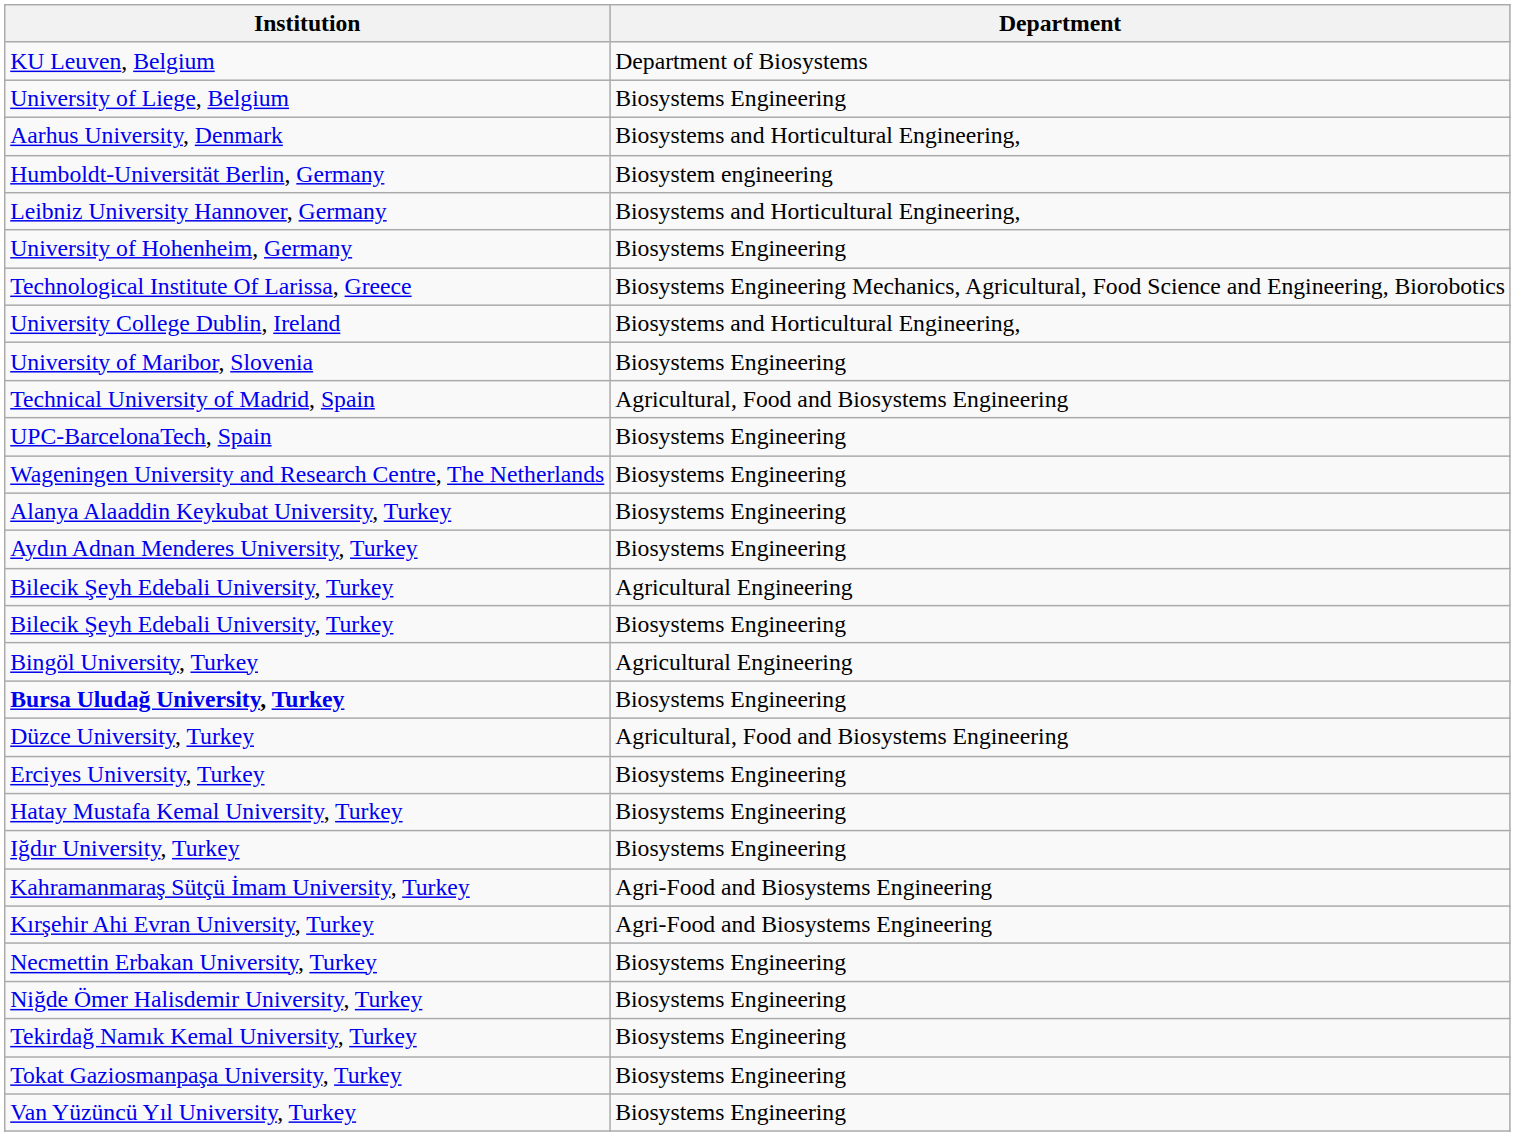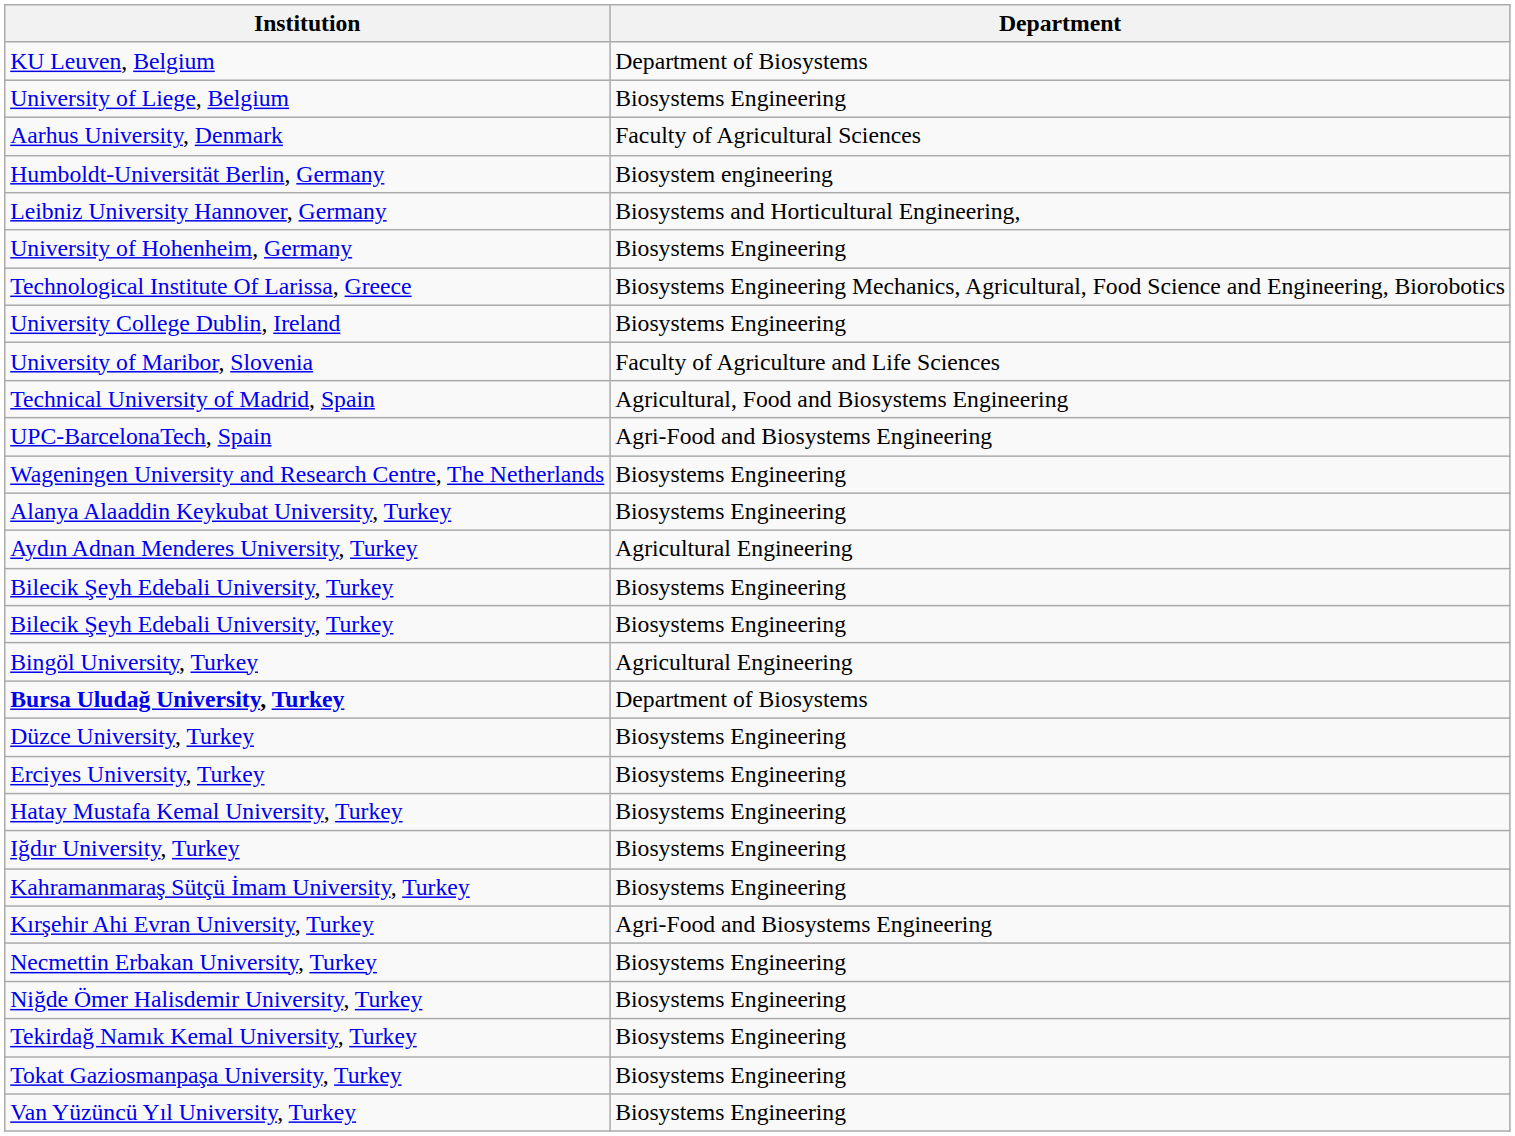 <table class="wikitable sortable">
 <tr>
 <th>Institution</th>
 <th>Department</th>
 </tr>
 <tr>
 <td><a href='#'>KU Leuven</a>, <a href='#'>Belgium</a></td>
 <td>Department of Biosystems</td>
 </tr>
 <tr>
 <td><a href='#'>University of Liege</a>, <a href='#'>Belgium</a></td>
 <td>Biosystems Engineering</td>
 </tr>
 <tr>
 <td><a href='#'>Aarhus University</a>, <a href='#'>Denmark</a></td>
-<td>Biosystems and Horticultural Engineering,</td>
+<td>Faculty of Agricultural Sciences</td>
 </tr>
 <tr>
 <td><a href='#'>Humboldt-Universität Berlin</a>, <a href='#'>Germany</a></td>
 <td>Biosystem engineering</td>
 </tr>
 <tr>
 <td><a href='#'>Leibniz University Hannover</a>, <a href='#'>Germany</a></td>
 <td>Biosystems and Horticultural Engineering,</td>
 </tr>
 <tr>
 <td><a href='#'>University of Hohenheim</a>, <a href='#'>Germany</a></td>
 <td>Biosystems Engineering</td>
 </tr>
 <tr>
 <td><a href='#'>Technological Institute Of Larissa</a>, <a href='#'>Greece</a></td>
 <td>Biosystems Engineering Mechanics, Agricultural, Food Science and Engineering, Biorobotics</td>
 </tr>
 <tr>
 <td><a href='#'>University College Dublin</a>, <a href='#'>Ireland</a></td>
-<td>Biosystems and Horticultural Engineering,</td>
+<td>Biosystems Engineering</td>
 </tr>
 <tr>
 <td><a href='#'>University of Maribor</a>, <a href='#'>Slovenia</a></td>
-<td>Biosystems Engineering</td>
+<td>Faculty of Agriculture and Life Sciences</td>
 </tr>
 <tr>
 <td><a href='#'>Technical University of Madrid</a>, <a href='#'>Spain</a></td>
 <td>Agricultural, Food and Biosystems Engineering</td>
 </tr>
 <tr>
 <td><a href='#'>UPC-BarcelonaTech</a>, <a href='#'>Spain</a></td>
-<td>Biosystems Engineering</td>
+<td>Agri-Food and Biosystems Engineering</td>
 </tr>
 <tr>
 <td><a href='#'>Wageningen University and Research Centre</a>, <a href='#'>The Netherlands</a></td>
 <td>Biosystems Engineering</td>
 </tr>
 <tr>
 <td><a href='#'>Alanya Alaaddin Keykubat University</a>, <a href='#'>Turkey</a></td>
 <td>Biosystems Engineering</td>
 </tr>
 <tr>
 <td><a href='#'>Aydın Adnan Menderes University</a>, <a href='#'>Turkey</a></td>
-<td>Biosystems Engineering</td>
+<td>Agricultural Engineering</td>
 </tr>
 <tr>
 <td><a href='#'>Bilecik Şeyh Edebali University</a>, <a href='#'>Turkey</a></td>
-<td>Agricultural Engineering</td>
+<td>Biosystems Engineering</td>
 </tr>
 <tr>
 <td><a href='#'>Bilecik Şeyh Edebali University</a>, <a href='#'>Turkey</a></td>
 <td>Biosystems Engineering</td>
 </tr>
 <tr>
 <td><a href='#'>Bingöl University</a>, <a href='#'>Turkey</a></td>
 <td>Agricultural Engineering</td>
 </tr>
 <tr>
 <td><strong><a href='#'>Bursa Uludağ University</a>, <a href='#'>Turkey</a></strong></td>
-<td>Biosystems Engineering</td>
+<td>Department of Biosystems</td>
 </tr>
 <tr>
 <td><a href='#'>Düzce University</a>, <a href='#'>Turkey</a></td>
-<td>Agricultural, Food and Biosystems Engineering</td>
+<td>Biosystems Engineering</td>
 </tr>
 <tr>
 <td><a href='#'>Erciyes University</a>, <a href='#'>Turkey</a></td>
 <td>Biosystems Engineering</td>
 </tr>
 <tr>
 <td><a href='#'>Hatay Mustafa Kemal University</a>, <a href='#'>Turkey</a></td>
 <td>Biosystems Engineering</td>
 </tr>
 <tr>
 <td><a href='#'>Iğdır University</a>, <a href='#'>Turkey</a></td>
 <td>Biosystems Engineering</td>
 </tr>
 <tr>
 <td><a href='#'>Kahramanmaraş Sütçü İmam University</a>, <a href='#'>Turkey</a></td>
-<td>Agri-Food and Biosystems Engineering</td>
+<td>Biosystems Engineering</td>
 </tr>
 <tr>
 <td><a href='#'>Kırşehir Ahi Evran University</a>, <a href='#'>Turkey</a></td>
 <td>Agri-Food and Biosystems Engineering</td>
 </tr>
 <tr>
 <td><a href='#'>Necmettin Erbakan University</a>, <a href='#'>Turkey</a></td>
 <td>Biosystems Engineering</td>
 </tr>
 <tr>
 <td><a href='#'>Niğde Ömer Halisdemir University</a>, <a href='#'>Turkey</a></td>
 <td>Biosystems Engineering</td>
 </tr>
 <tr>
 <td><a href='#'>Tekirdağ Namık Kemal University</a>, <a href='#'>Turkey</a></td>
 <td>Biosystems Engineering</td>
 </tr>
 <tr>
 <td><a href='#'>Tokat Gaziosmanpaşa University</a>, <a href='#'>Turkey</a></td>
 <td>Biosystems Engineering</td>
 </tr>
 <tr>
 <td><a href='#'>Van Yüzüncü Yıl University</a>, <a href='#'>Turkey</a></td>
 <td>Biosystems Engineering</td>
 </tr>
 </table>
